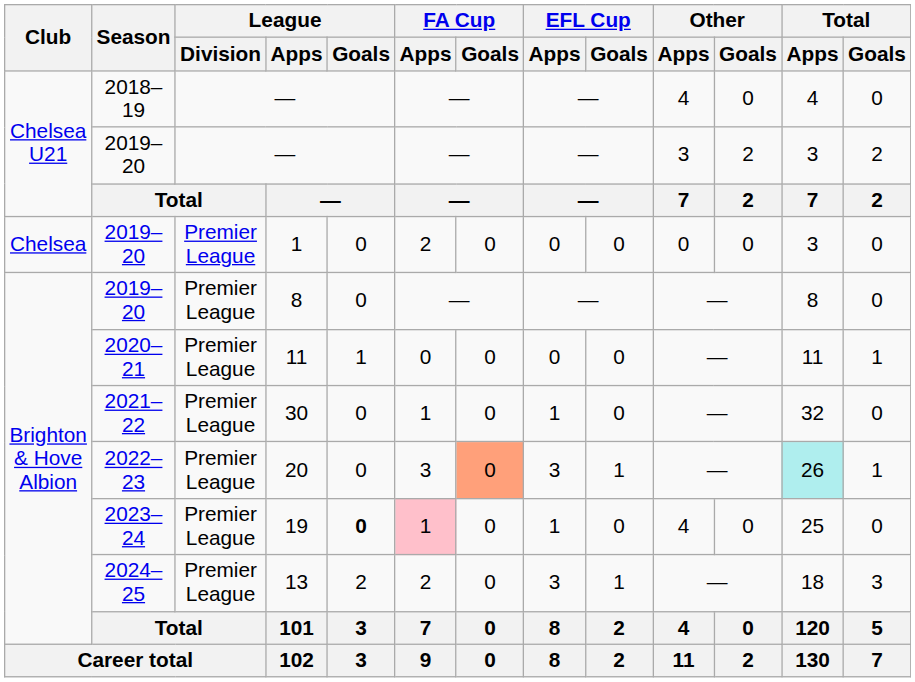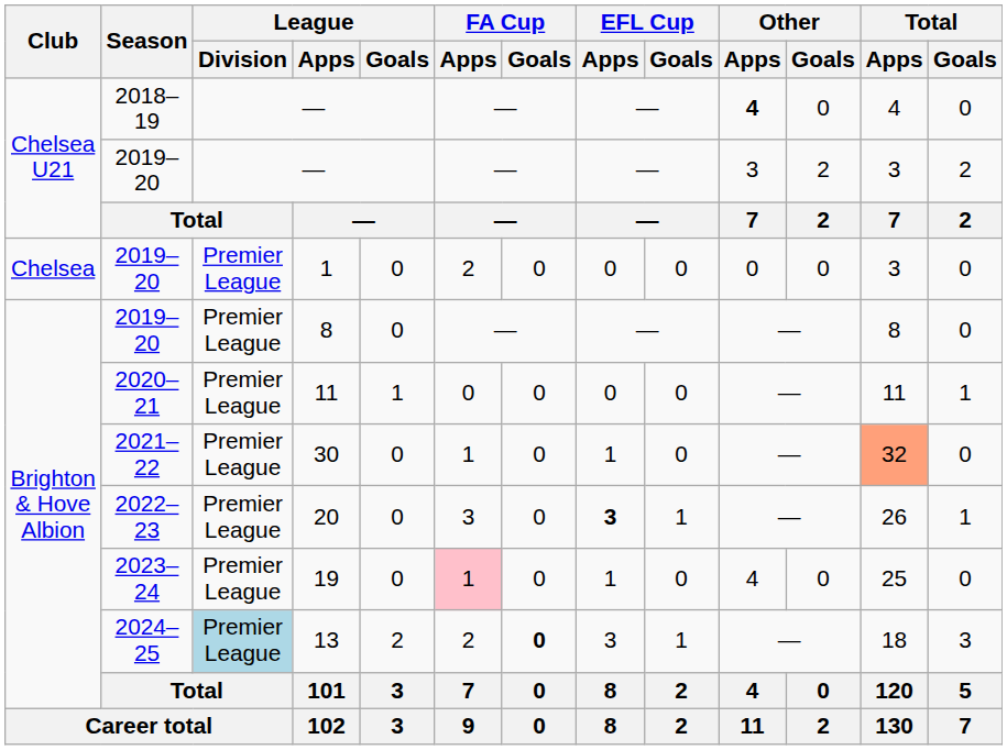 <table class="wikitable" style="text-align: center;">
 <tr>
 <th rowspan="2">Club</th>
 <th rowspan="2">Season</th>
 <th colspan="3">League</th>
 <th colspan="2"><a href='#'>FA Cup</a></th>
 <th colspan="2"><a href='#'>EFL Cup</a></th>
 <th colspan="2">Other</th>
 <th colspan="2">Total</th>
 </tr>
 <tr>
 <th>Division</th>
 <th>Apps</th>
 <th>Goals</th>
 <th>Apps</th>
 <th>Goals</th>
 <th>Apps</th>
 <th>Goals</th>
 <th>Apps</th>
 <th>Goals</th>
 <th>Apps</th>
 <th>Goals</th>
 </tr>
 <tr>
 <td rowspan="3"><a href='#'>Chelsea U21</a></td>
 <td>2018–19</td>
 <td colspan="3">—</td>
 <td colspan="2">—</td>
 <td colspan="2">—</td>
-<td>4</td>
+<td><strong>4</strong></td>
 <td>0</td>
 <td>4</td>
 <td>0</td>
 </tr>
 <tr>
 <td>2019–20</td>
 <td colspan="3">—</td>
 <td colspan="2">—</td>
 <td colspan="2">—</td>
 <td>3</td>
 <td>2</td>
 <td>3</td>
 <td>2</td>
 </tr>
 <tr>
 <th colspan="2">Total</th>
 <th colspan="2">—</th>
 <th colspan="2">—</th>
 <th colspan="2">—</th>
 <th>7</th>
 <th>2</th>
 <th>7</th>
 <th>2</th>
 </tr>
 <tr>
 <td><a href='#'>Chelsea</a></td>
 <td><a href='#'>2019–20</a></td>
 <td><a href='#'>Premier League</a></td>
 <td>1</td>
 <td>0</td>
 <td>2</td>
 <td>0</td>
 <td>0</td>
 <td>0</td>
 <td>0</td>
 <td>0</td>
 <td>3</td>
 <td>0</td>
 </tr>
 <tr>
 <td rowspan="7"><a href='#'>Brighton & Hove Albion</a></td>
 <td><a href='#'>2019–20</a></td>
 <td>Premier League</td>
 <td>8</td>
 <td>0</td>
 <td colspan="2">—</td>
 <td colspan="2">—</td>
 <td colspan="2">—</td>
 <td>8</td>
 <td>0</td>
 </tr>
 <tr>
 <td><a href='#'>2020–21</a></td>
 <td>Premier League</td>
 <td>11</td>
 <td>1</td>
 <td>0</td>
 <td>0</td>
 <td>0</td>
 <td>0</td>
 <td colspan="2">—</td>
 <td>11</td>
 <td>1</td>
 </tr>
 <tr>
 <td><a href='#'>2021–22</a></td>
 <td>Premier League</td>
 <td>30</td>
 <td>0</td>
 <td>1</td>
 <td>0</td>
 <td>1</td>
 <td>0</td>
 <td colspan="2">—</td>
-<td>32</td>
+<td style="background: lightsalmon;">32</td>
 <td>0</td>
 </tr>
 <tr>
 <td><a href='#'>2022–23</a></td>
 <td>Premier League</td>
 <td>20</td>
 <td>0</td>
 <td>3</td>
-<td style="background: lightsalmon;">0</td>
-<td>3</td>
+<td>0</td>
+<td><strong>3</strong></td>
 <td>1</td>
 <td colspan="2">—</td>
-<td style="background: paleturquoise;">26</td>
+<td>26</td>
 <td>1</td>
 </tr>
 <tr>
 <td><a href='#'>2023–24</a></td>
 <td>Premier League</td>
 <td>19</td>
-<td><strong>0</strong></td>
+<td>0</td>
 <td style="background: pink;">1</td>
 <td>0</td>
 <td>1</td>
 <td>0</td>
 <td>4</td>
 <td>0</td>
 <td>25</td>
 <td>0</td>
 </tr>
 <tr>
 <td><a href='#'>2024–25</a></td>
-<td>Premier League</td>
+<td style="background: lightblue;">Premier League</td>
 <td>13</td>
 <td>2</td>
 <td>2</td>
-<td>0</td>
+<td><strong>0</strong></td>
 <td>3</td>
 <td>1</td>
 <td colspan="2">—</td>
 <td>18</td>
 <td>3</td>
 </tr>
 <tr>
 <th colspan="2">Total</th>
 <th>101</th>
 <th>3</th>
 <th>7</th>
 <th>0</th>
 <th>8</th>
 <th>2</th>
 <th>4</th>
 <th>0</th>
 <th>120</th>
 <th>5</th>
 </tr>
 <tr>
 <th colspan="3">Career total</th>
 <th>102</th>
 <th>3</th>
 <th>9</th>
 <th>0</th>
 <th>8</th>
 <th>2</th>
 <th>11</th>
 <th>2</th>
 <th>130</th>
 <th>7</th>
 </tr>
 </table>
